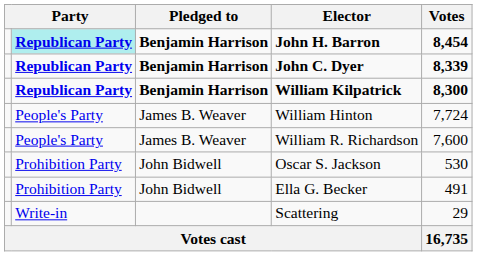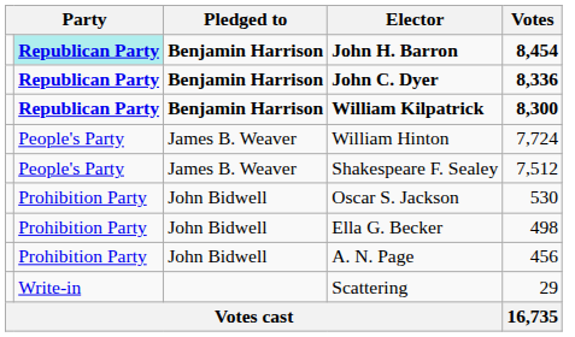 <table class="wikitable">
 <tr>
 <th colspan=2>Party</th>
 <th>Pledged to</th>
 <th>Elector</th>
 <th>Votes</th>
 </tr>
 <tr style="font-weight:bold">
 <td></td>
 <td style="background: paleturquoise;"><a href='#'>Republican Party</a></td>
 <td>Benjamin Harrison</td>
 <td>John H. Barron</td>
 <td align="right">8,454</td>
 </tr>
 <tr style="font-weight:bold">
 <td></td>
 <td><a href='#'>Republican Party</a></td>
 <td>Benjamin Harrison</td>
 <td>John C. Dyer</td>
-<td align="right">8,339</td>
+<td align="right">8,336</td>
 </tr>
 <tr style="font-weight:bold">
 <td></td>
 <td><a href='#'>Republican Party</a></td>
 <td>Benjamin Harrison</td>
 <td>William Kilpatrick</td>
 <td align="right">8,300</td>
 </tr>
 <tr>
 <td></td>
 <td><a href='#'>People's Party</a></td>
 <td>James B. Weaver</td>
 <td>William Hinton</td>
 <td align="right">7,724</td>
 </tr>
 <tr>
 <td></td>
 <td><a href='#'>People's Party</a></td>
 <td>James B. Weaver</td>
-<td>William R. Richardson</td>
-<td align="right">7,600</td>
+<td>Shakespeare F. Sealey</td>
+<td align="right">7,512</td>
 </tr>
 <tr>
 <td></td>
 <td><a href='#'>Prohibition Party</a></td>
 <td>John Bidwell</td>
 <td>Oscar S. Jackson</td>
 <td align="right">530</td>
 </tr>
 <tr>
 <td></td>
 <td><a href='#'>Prohibition Party</a></td>
 <td>John Bidwell</td>
 <td>Ella G. Becker</td>
-<td align="right">491</td>
+<td align="right">498</td>
+</tr>
+<tr>
+<td></td>
+<td><a href='#'>Prohibition Party</a></td>
+<td>John Bidwell</td>
+<td>A. N. Page</td>
+<td align="right">456</td>
 </tr>
 <tr>
 <td></td>
 <td><a href='#'>Write-in</a></td>
 <td></td>
 <td>Scattering</td>
 <td align="right">29</td>
 </tr>
 <tr>
 <th colspan="4">Votes cast</th>
 <th>16,735</th>
 </tr>
 </table>
